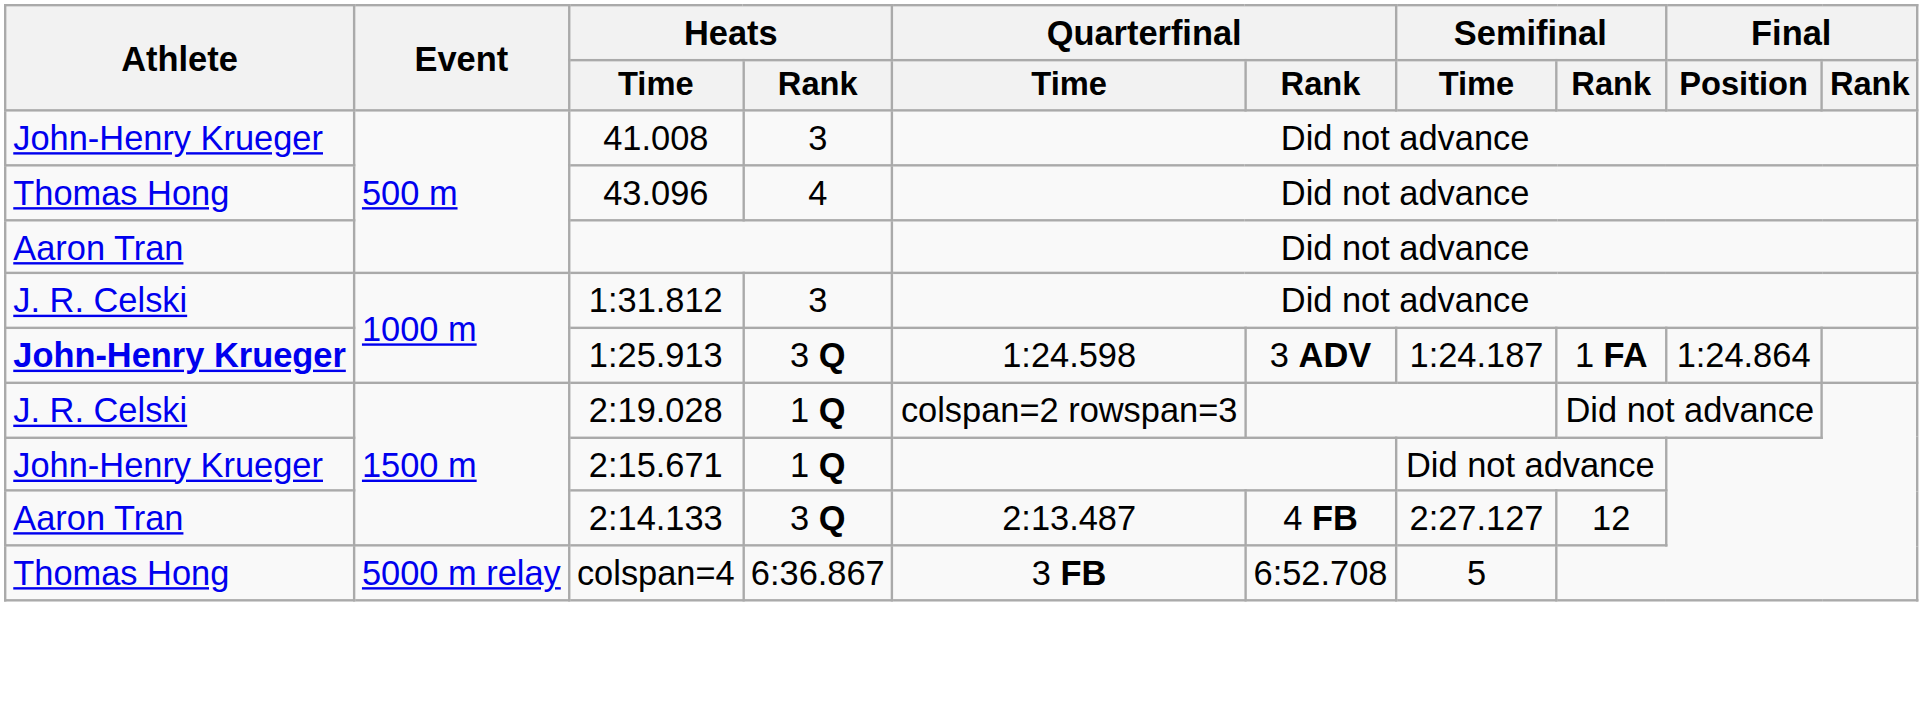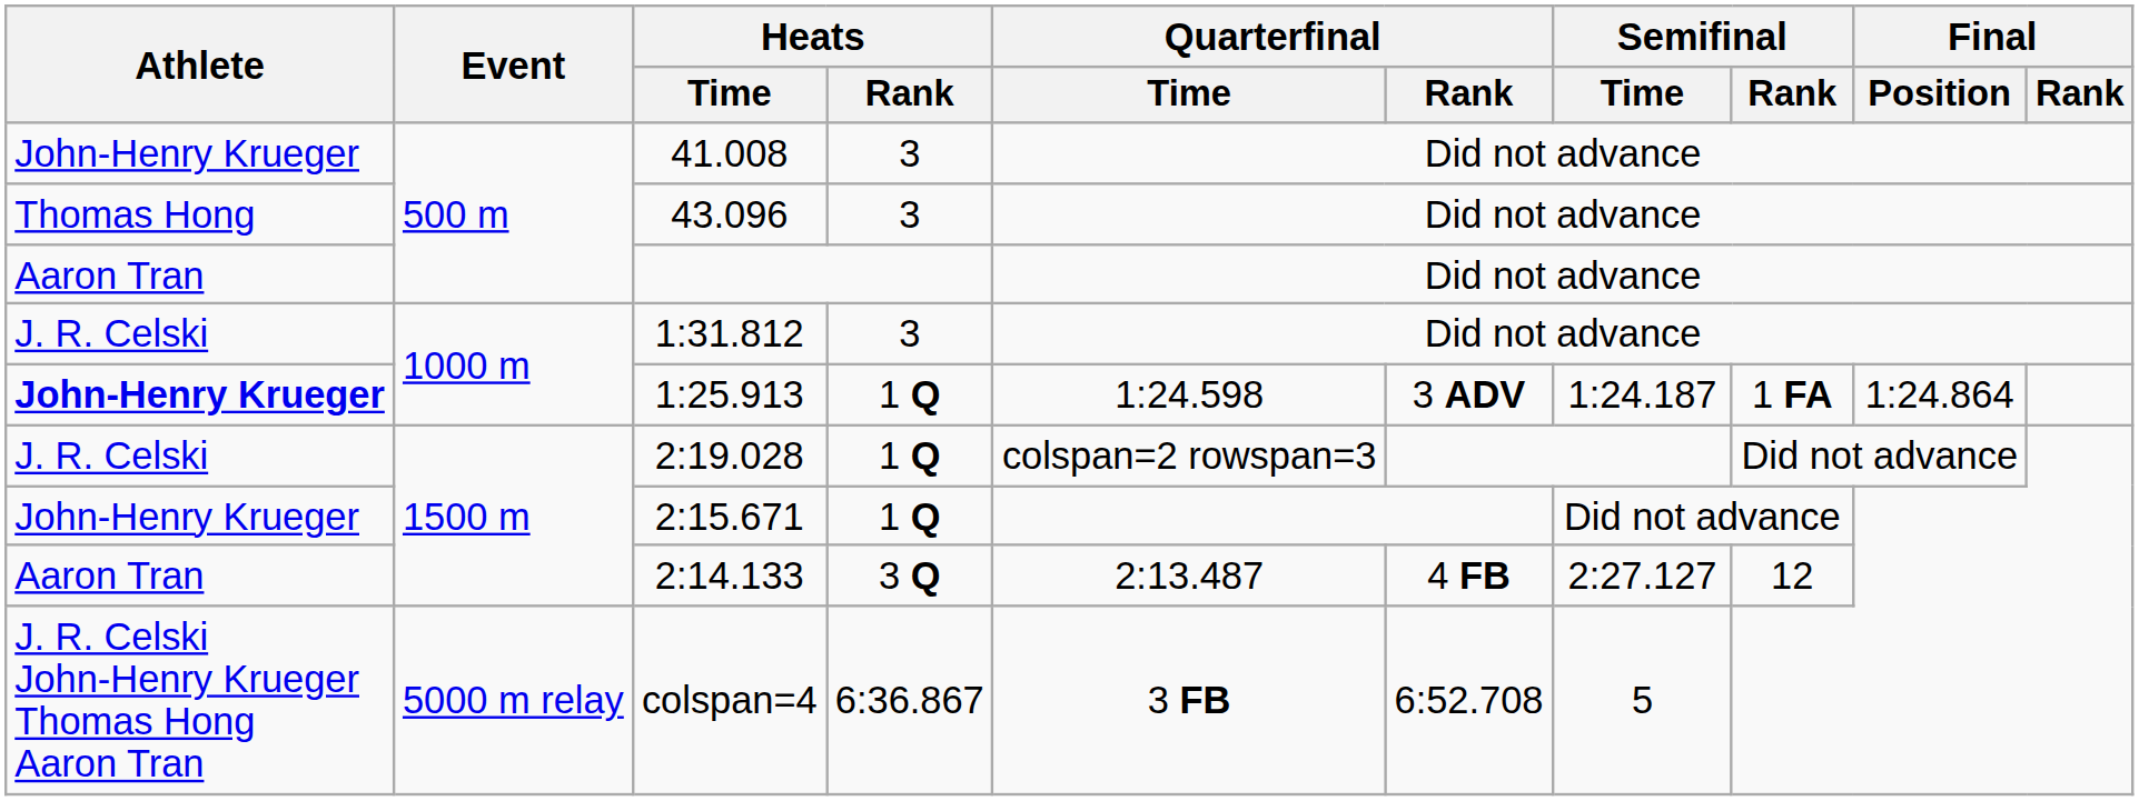 <table class=wikitable style=font-size:90%;text-align:center>
 <tr>
 <th rowspan=2>Athlete</th>
 <th rowspan=2>Event</th>
 <th colspan=2>Heats</th>
 <th colspan=2>Quarterfinal</th>
 <th colspan=2>Semifinal</th>
 <th colspan=2>Final</th>
 </tr>
 <tr style=font-size:95%>
 <th>Time</th>
 <th>Rank</th>
 <th>Time</th>
 <th>Rank</th>
 <th>Time</th>
 <th>Rank</th>
 <th>Position</th>
 <th>Rank</th>
 </tr>
 <tr>
 <td align=left><a href='#'>John-Henry Krueger</a></td>
 <td rowspan="3" style="text-align:left;"><a href='#'>500 m</a></td>
 <td>41.008</td>
 <td>3</td>
 <td colspan=6>Did not advance</td>
 </tr>
 <tr>
 <td align=left><a href='#'>Thomas Hong</a></td>
 <td>43.096</td>
-<td>4</td>
+<td>3</td>
 <td colspan=6>Did not advance</td>
 </tr>
 <tr>
 <td align=left><a href='#'>Aaron Tran</a></td>
 <td colspan=2></td>
 <td colspan=6>Did not advance</td>
 </tr>
 <tr>
 <td align=left><a href='#'>J. R. Celski</a></td>
 <td style="text-align:left;" rowspan="2"><a href='#'>1000 m</a></td>
 <td>1:31.812</td>
 <td>3</td>
 <td colspan=6>Did not advance</td>
 </tr>
 <tr>
 <td align=left><strong><a href='#'>John-Henry Krueger</a></strong></td>
 <td>1:25.913</td>
-<td>3 <strong>Q</strong></td>
+<td>1 <strong>Q</strong></td>
 <td>1:24.598</td>
 <td>3 <strong>ADV</strong></td>
 <td>1:24.187</td>
 <td>1 <strong>FA</strong></td>
 <td>1:24.864</td>
 <td></td>
 </tr>
 <tr>
 <td align=left><a href='#'>J. R. Celski</a></td>
 <td style="text-align:left;" rowspan="3"><a href='#'>1500 m</a></td>
 <td>2:19.028</td>
 <td>1 <strong>Q</strong></td>
 <td>colspan=2 rowspan=3 </td>
 <td colspan=2></td>
 <td colspan=2>Did not advance</td>
 </tr>
 <tr>
 <td align=left><a href='#'>John-Henry Krueger</a></td>
 <td>2:15.671</td>
 <td>1 <strong>Q</strong></td>
 <td colspan=2></td>
 <td colspan=2>Did not advance</td>
 </tr>
 <tr>
 <td align=left><a href='#'>Aaron Tran</a></td>
 <td>2:14.133</td>
 <td>3 <strong>Q</strong></td>
 <td>2:13.487</td>
 <td>4 <strong>FB</strong></td>
 <td>2:27.127</td>
 <td>12</td>
 </tr>
 <tr>
-<td align=left><a href='#'>Thomas Hong</a></td>
+<td align=left><a href='#'>J. R. Celski</a><br><a href='#'>John-Henry Krueger</a><br><a href='#'>Thomas Hong</a><br><a href='#'>Aaron Tran</a></td>
 <td align=left><a href='#'>5000 m relay</a></td>
 <td>colspan=4 </td>
 <td>6:36.867</td>
 <td>3 <strong>FB</strong></td>
 <td>6:52.708</td>
 <td>5</td>
 </tr>
 </table>
